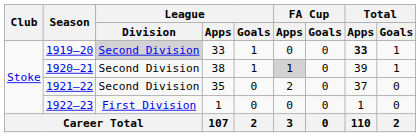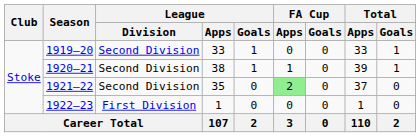 <table class="wikitable" style="text-align: center;">
 <tr>
 <th rowspan="2">Club</th>
 <th rowspan="2">Season</th>
 <th colspan="3">League</th>
 <th colspan="2">FA Cup</th>
 <th colspan="2">Total</th>
 </tr>
 <tr>
 <th>Division</th>
 <th>Apps</th>
 <th>Goals</th>
 <th>Apps</th>
 <th>Goals</th>
 <th>Apps</th>
 <th>Goals</th>
 </tr>
 <tr>
 <td rowspan="4"><a href='#'>Stoke</a></td>
 <td><a href='#'>1919–20</a></td>
-<td style="background: lightgrey;"><a href='#'>Second Division</a></td>
+<td><a href='#'>Second Division</a></td>
 <td>33</td>
 <td>1</td>
 <td>0</td>
 <td>0</td>
-<td><strong>33</strong></td>
+<td>33</td>
 <td>1</td>
 </tr>
 <tr>
 <td><a href='#'>1920–21</a></td>
 <td>Second Division</td>
 <td>38</td>
 <td>1</td>
-<td style="background: lightgrey;">1</td>
+<td>1</td>
 <td>0</td>
 <td>39</td>
 <td>1</td>
 </tr>
 <tr>
 <td><a href='#'>1921–22</a></td>
 <td>Second Division</td>
 <td>35</td>
 <td>0</td>
-<td>2</td>
+<td style="background: lightgreen;">2</td>
 <td>0</td>
 <td>37</td>
 <td>0</td>
 </tr>
 <tr>
 <td><a href='#'>1922–23</a></td>
 <td><a href='#'>First Division</a></td>
 <td>1</td>
 <td>0</td>
 <td>0</td>
 <td>0</td>
 <td>1</td>
 <td>0</td>
 </tr>
 <tr>
 <th colspan=3>Career Total</th>
 <th>107</th>
 <th>2</th>
 <th>3</th>
 <th>0</th>
 <th>110</th>
 <th>2</th>
 </tr>
 </table>
